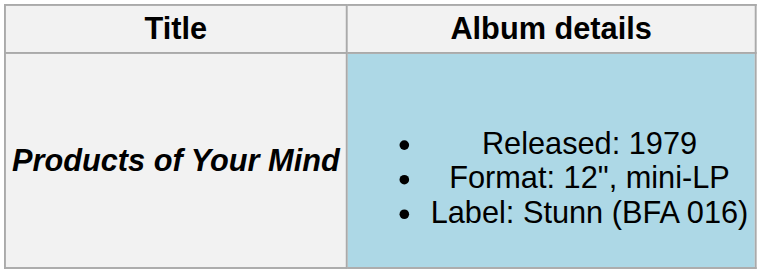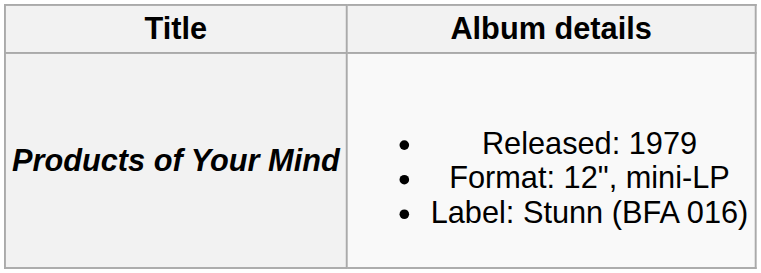 <table class="wikitable plainrowheaders" style="text-align:center;" border="1">
 <tr>
 <th>Title</th>
 <th>Album details</th>
 </tr>
 <tr>
 <th scope="row"><em>Products of Your Mind</em></th>
-<td style="background: lightblue;"><br><ul><li>Released: 1979</li><li>Format: 12", mini-LP</li><li>Label: Stunn (BFA 016)</li></ul></td>
+<td><br><ul><li>Released: 1979</li><li>Format: 12", mini-LP</li><li>Label: Stunn (BFA 016)</li></ul></td>
 </tr>
 </table>
